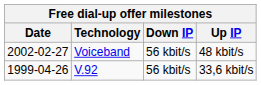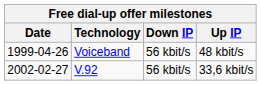 <table class="wikitable" style="font-size: 85%; text-align: left; padding-left: 1em">
 <tr>
 <th colspan="4">Free dial-up offer milestones</th>
 </tr>
 <tr>
 <th>Date</th>
 <th>Technology</th>
 <th>Down <a href='#'>IP</a></th>
 <th>Up <a href='#'>IP</a></th>
 </tr>
 <tr>
-<td>2002-02-27</td>
+<td>1999-04-26</td>
 <td><a href='#'>Voiceband</a></td>
 <td>56 kbit/s</td>
 <td>48 kbit/s</td>
 </tr>
 <tr>
-<td>1999-04-26</td>
+<td>2002-02-27</td>
 <td><a href='#'>V.92</a></td>
 <td>56 kbit/s</td>
 <td>33,6 kbit/s</td>
 </tr>
 </table>
